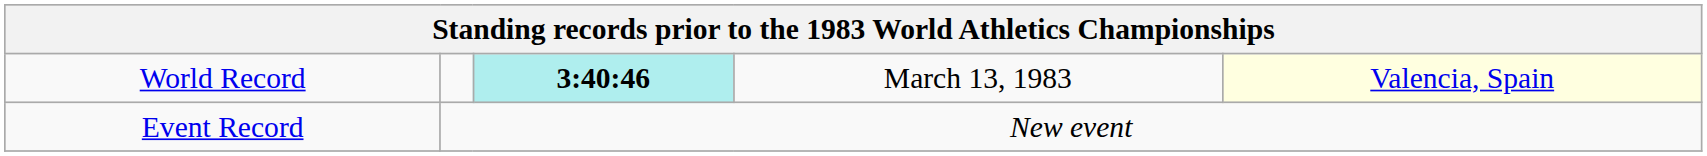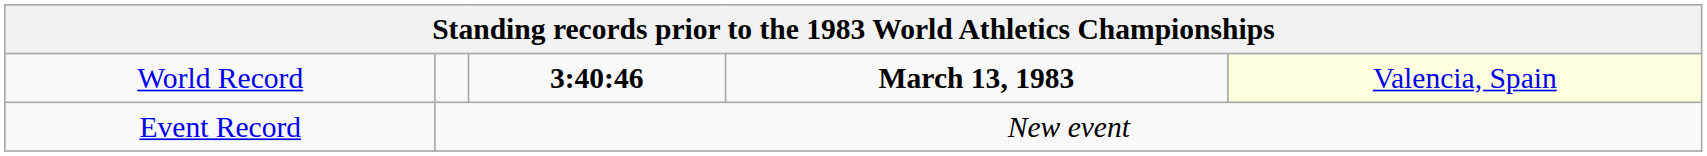 <table class="wikitable" style=" text-align:center; font-size:110%;" width="80%">
 <tr>
 <th colspan="5">Standing records prior to the 1983 World Athletics Championships</th>
 </tr>
 <tr>
 <td><a href='#'>World Record</a></td>
 <td></td>
-<td style="background: paleturquoise;"><strong>3:40:46</strong></td>
-<td>March 13, 1983</td>
+<td><strong>3:40:46</strong></td>
+<td><strong>March 13, 1983</strong></td>
 <td style="background: lightyellow;"> <a href='#'>Valencia, Spain</a></td>
 </tr>
 <tr>
 <td><a href='#'>Event Record</a></td>
 <td colspan="4"><em>New event</em></td>
 </tr>
 </table>
